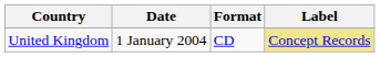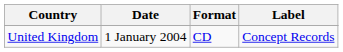 <table class="wikitable">
 <tr>
 <th>Country</th>
 <th>Date</th>
 <th>Format</th>
 <th>Label</th>
 </tr>
 <tr>
 </tr>
 <tr>
 <td><a href='#'>United Kingdom</a></td>
 <td>1 January 2004</td>
 <td><a href='#'>CD</a></td>
-<td style="background: khaki;"><a href='#'>Concept Records</a></td>
+<td><a href='#'>Concept Records</a></td>
 </tr>
 </table>
